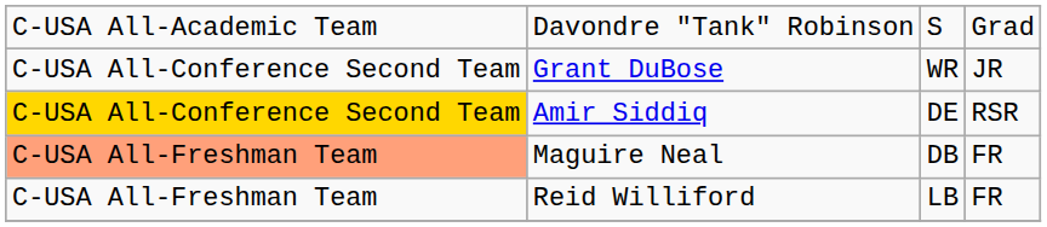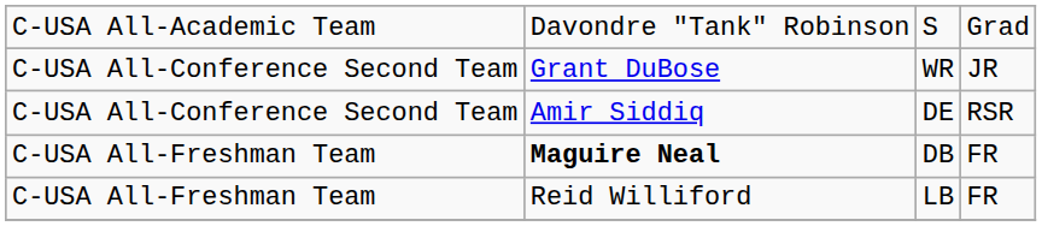 <table class="wikitable">
 <tr>
 <td>C-USA All-Academic Team</td>
 <td>Davondre "Tank" Robinson</td>
 <td>S</td>
 <td>Grad</td>
 </tr>
 <tr>
 <td>C-USA All-Conference Second Team</td>
 <td><a href='#'>Grant DuBose</a></td>
 <td>WR</td>
 <td>JR</td>
 </tr>
 <tr>
-<td style="background: gold;">C-USA All-Conference Second Team</td>
+<td>C-USA All-Conference Second Team</td>
 <td><a href='#'>Amir Siddiq</a></td>
 <td>DE</td>
 <td>RSR</td>
 </tr>
 <tr>
-<td style="background: lightsalmon;">C-USA All-Freshman Team</td>
-<td>Maguire Neal</td>
+<td>C-USA All-Freshman Team</td>
+<td><strong>Maguire Neal</strong></td>
 <td>DB</td>
 <td>FR</td>
 </tr>
 <tr>
 <td>C-USA All-Freshman Team</td>
 <td>Reid Williford</td>
 <td>LB</td>
 <td>FR</td>
 </tr>
 <tr>
 </tr>
 </table>
